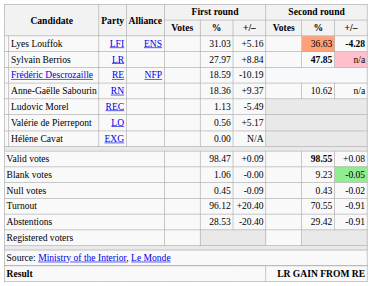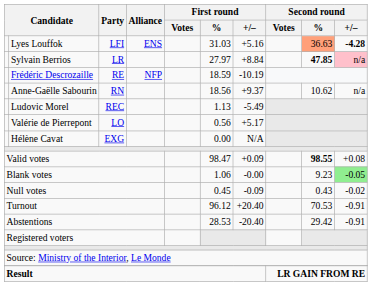 <table class="wikitable" style="text-align:right;font-size:95%;">
 <tr>
 <th rowspan="2" colspan="2">Candidate</th>
 <th rowspan="2">Party</th>
 <th rowspan="2">Alliance</th>
 <th colspan="3">First round</th>
 <th colspan="3">Second round</th>
 </tr>
 <tr>
 <th style="width:50px;">Votes</th>
 <th style="width:45px;">%</th>
 <th style="width:45px;">+/–</th>
 <th style="width:50px;">Votes</th>
 <th style="width:45px;">%</th>
 <th style="width:45px;">+/–</th>
 </tr>
 <tr>
 <td style="color:inherit;background:"></td>
 <td style="text-align:left;">Lyes Louffok</td>
 <td><a href='#'>LFI</a></td>
 <td><a href='#'>ENS</a></td>
 <td></td>
 <td>31.03</td>
 <td>+5.16</td>
 <td></td>
 <td style="background: lightsalmon;">36.63</td>
 <td><strong>-4.28</strong></td>
 </tr>
 <tr>
 <td style="color:inherit;background:"></td>
 <td style="text-align:left;">Sylvain Berrios</td>
 <td><a href='#'>LR</a></td>
 <td></td>
 <td></td>
 <td>27.97</td>
 <td>+8.84</td>
 <td><strong></strong></td>
 <td><strong>47.85</strong></td>
 <td style="background: pink;">n/a</td>
 </tr>
 <tr>
 <td style="color:inherit;background:"></td>
 <td style="text-align:left;"><a href='#'>Frédéric Descrozaille</a></td>
 <td><a href='#'>RE</a></td>
 <td><a href='#'>NFP</a></td>
 <td></td>
 <td>18.59</td>
 <td>-10.19</td>
 <td colspan="3" style="background:#F8F9FA;"></td>
 </tr>
 <tr>
 <td style="color:inherit;background:"></td>
 <td style="text-align:left;">Anne-Gaëlle Sabourin</td>
 <td><a href='#'>RN</a></td>
 <td></td>
 <td></td>
-<td>18.36</td>
+<td>18.56</td>
 <td>+9.37</td>
 <td></td>
 <td>10.62</td>
 <td>n/a</td>
 </tr>
 <tr>
 <td style="color:inherit;background:"></td>
 <td style="text-align:left;">Ludovic Morel</td>
 <td><a href='#'>REC</a></td>
 <td></td>
 <td></td>
 <td>1.13</td>
 <td>-5.49</td>
 <td colspan="3" style="background:#E9E9E9;"></td>
 </tr>
 <tr>
 <td style="color:inherit;background:"></td>
 <td style="text-align:left;">Valérie de Pierrepont</td>
 <td><a href='#'>LO</a></td>
 <td></td>
 <td></td>
 <td>0.56</td>
 <td>+5.17</td>
 <td colspan="3" style="background:#E9E9E9;"></td>
 </tr>
 <tr>
 <td style="color:inherit;background:"></td>
 <td style="text-align:left;">Hélène Cavat</td>
 <td><a href='#'>EXG</a></td>
 <td></td>
 <td></td>
 <td>0.00</td>
 <td>N/A</td>
 <td colspan="3" style="background:#E9E9E9;"></td>
 </tr>
 <tr>
 <td colspan="10" style="background:#E9E9E9;"></td>
 </tr>
 <tr>
 <td colspan="4" style="text-align:left;">Valid votes</td>
 <td></td>
 <td>98.47</td>
 <td>+0.09</td>
 <td></td>
 <td><strong>98.55</strong></td>
 <td>+0.08</td>
 </tr>
 <tr>
 <td colspan="4" style="text-align:left;">Blank votes</td>
 <td></td>
 <td>1.06</td>
 <td>-0.00</td>
 <td></td>
 <td>9.23</td>
 <td style="background: lightgreen;">-0.05</td>
 </tr>
 <tr>
 <td colspan="4" style="text-align:left;">Null votes</td>
 <td></td>
 <td>0.45</td>
 <td>-0.09</td>
 <td></td>
 <td>0.43</td>
 <td>-0.02</td>
 </tr>
 <tr>
 <td colspan="4" style="text-align:left;">Turnout</td>
 <td></td>
 <td>96.12</td>
 <td>+20.40</td>
 <td></td>
-<td>70.55</td>
+<td>70.53</td>
 <td>-0.91</td>
 </tr>
 <tr>
 <td colspan="4" style="text-align:left;">Abstentions</td>
 <td></td>
 <td>28.53</td>
 <td>-20.40</td>
 <td></td>
 <td>29.42</td>
 <td>-0.91</td>
 </tr>
 <tr>
 <td colspan="4" style="text-align:left;">Registered voters</td>
 <td></td>
 <td colspan="2" style="background:#E9E9E9;"></td>
 <td></td>
 <td colspan="2" style="background:#E9E9E9;"></td>
 </tr>
 <tr>
 <td colspan="10" style="background:#E9E9E9;"></td>
 </tr>
 <tr>
 <td colspan="10" style="text-align:left;">Source: <a href='#'>Ministry of the Interior</a>, <a href='#'>Le Monde</a></td>
 </tr>
 <tr>
 </tr>
 <tr style="font-weight:bold">
 <td colspan="7" style="text-align:left;">Result</td>
 <td colspan="7" style="background-color:">LR GAIN FROM RE</td>
 </tr>
 </table>
